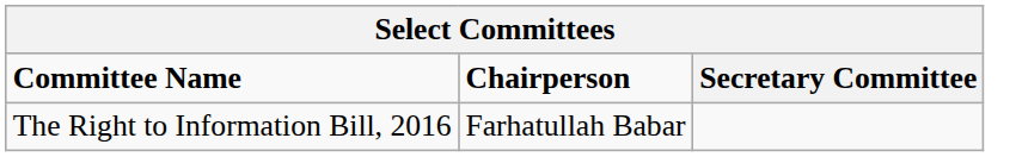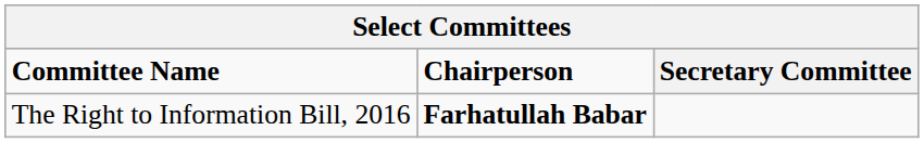 <table class="wikitable">
 <tr>
 <th colspan="3">Select Committees</th>
 </tr>
 <tr>
 <td><strong>Committee Name</strong></td>
 <td><strong>Chairperson</strong></td>
 <th><strong>Secretary Committee</strong></th>
 </tr>
 <tr>
 <td>The Right to Information Bill, 2016</td>
-<td>Farhatullah Babar</td>
+<td><strong>Farhatullah Babar</strong></td>
 <td></td>
 </tr>
 </table>
